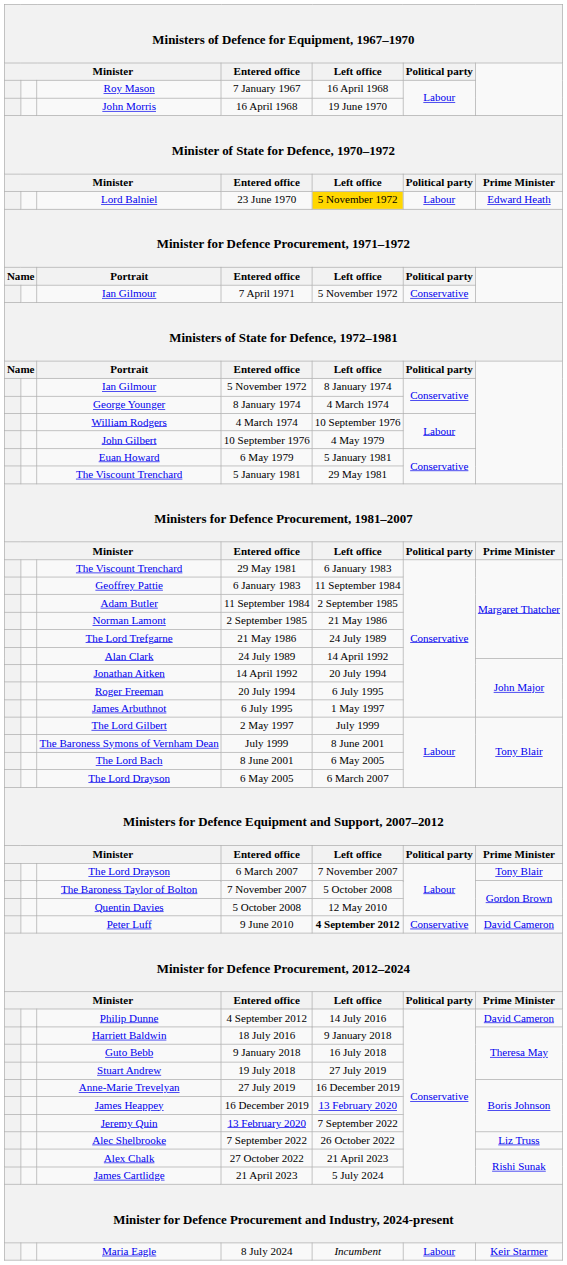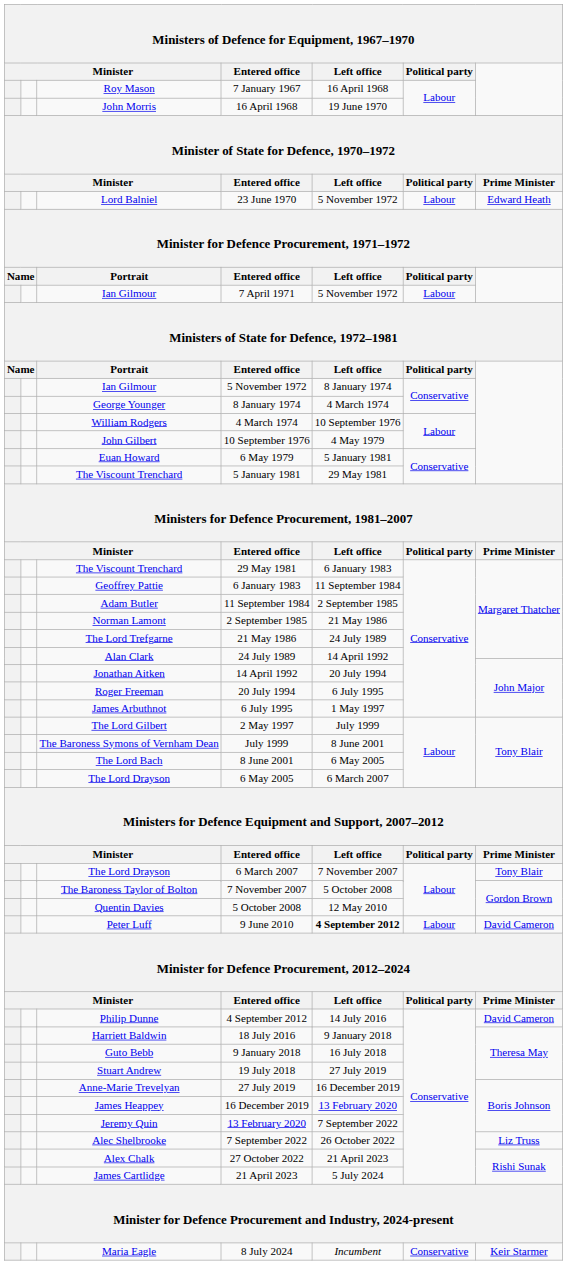 <table class="wikitable" style="text-align:center">
 <tr style="height:1em">
 <th colspan=99><br><h3>Ministers of Defence for Equipment, 1967–1970</h3></th>
 </tr>
 <tr>
 <th colspan=3>Minister</th>
 <th>Entered office</th>
 <th>Left office</th>
 <th>Political party</th>
 </tr>
 <tr style="height:1em">
 <th style="background-color:"></th>
 <td></td>
 <td><a href='#'>Roy Mason</a></td>
 <td>7 January 1967</td>
 <td>16 April 1968</td>
 <td rowspan=2><a href='#'>Labour</a></td>
 </tr>
 <tr style="height:1em">
 <th style="background-color:"></th>
 <td></td>
 <td><a href='#'>John Morris</a></td>
 <td>16 April 1968</td>
 <td>19 June 1970</td>
 </tr>
 <tr style="height:1em">
 <th colspan=99><br><h3>Minister of State for Defence, 1970–1972</h3></th>
 </tr>
 <tr style="height:1em">
 <th colspan=3>Minister</th>
 <th>Entered office</th>
 <th>Left office</th>
 <th>Political party</th>
 <th>Prime Minister</th>
 </tr>
 <tr style="height:1em">
 <th style="background-color:"></th>
 <td></td>
 <td><a href='#'>Lord Balniel</a></td>
 <td>23 June 1970</td>
-<td style="background: gold;">5 November 1972</td>
+<td>5 November 1972</td>
 <td><a href='#'>Labour</a></td>
 <td><a href='#'>Edward Heath</a></td>
 </tr>
 <tr style="height:1em">
 <th colspan=99><br><h3>Minister for Defence Procurement, 1971–1972</h3></th>
 </tr>
 <tr>
 <th colspan=2>Name</th>
 <th>Portrait</th>
 <th>Entered office</th>
 <th>Left office</th>
 <th>Political party</th>
 </tr>
 <tr style="height:1em">
 <th style="background-color:"></th>
 <td></td>
 <td><a href='#'>Ian Gilmour</a></td>
 <td>7 April 1971</td>
 <td>5 November 1972</td>
-<td><a href='#'>Conservative</a></td>
+<td><a href='#'>Labour</a></td>
 </tr>
 <tr style="height:1em">
 <th colspan=99><br><h3>Ministers of State for Defence, 1972–1981</h3></th>
 </tr>
 <tr style="height:1em">
 <th colspan=2>Name</th>
 <th>Portrait</th>
 <th>Entered office</th>
 <th>Left office</th>
 <th>Political party</th>
 </tr>
 <tr style="height:1em">
 <th style="background-color:"></th>
 <td></td>
 <td><a href='#'>Ian Gilmour</a></td>
 <td>5 November 1972</td>
 <td>8 January 1974</td>
 <td rowspan=2><a href='#'>Conservative</a></td>
 </tr>
 <tr style="height:1em">
 <th style="background-color:"></th>
 <td></td>
 <td><a href='#'>George Younger</a></td>
 <td>8 January 1974</td>
 <td>4 March 1974</td>
 </tr>
 <tr style="height:1em">
 <th style="background-color:"></th>
 <td></td>
 <td><a href='#'>William Rodgers</a></td>
 <td>4 March 1974</td>
 <td>10 September 1976</td>
 <td rowspan=2><a href='#'>Labour</a></td>
 </tr>
 <tr style="height:1em">
 <th style="background-color:"></th>
 <td></td>
 <td><a href='#'>John Gilbert</a></td>
 <td>10 September 1976</td>
 <td>4 May 1979</td>
 </tr>
 <tr style="height:1em">
 <th style="background-color:"></th>
 <td></td>
 <td><a href='#'>Euan Howard</a></td>
 <td>6 May 1979</td>
 <td>5 January 1981</td>
 <td rowspan=2><a href='#'>Conservative</a></td>
 </tr>
 <tr style="height:1em">
 <th style="background-color:"></th>
 <td></td>
 <td><a href='#'>The Viscount Trenchard</a></td>
 <td>5 January 1981</td>
 <td>29 May 1981</td>
 </tr>
 <tr style="height:1em">
 <th colspan=99><br><h3>Ministers for Defence Procurement, 1981–2007</h3></th>
 </tr>
 <tr style="height:1em">
 <th colspan=3>Minister</th>
 <th>Entered office</th>
 <th>Left office</th>
 <th>Political party</th>
 <th>Prime Minister</th>
 </tr>
 <tr style="height:1em">
 <th style="background-color:"></th>
 <td></td>
 <td><a href='#'>The Viscount Trenchard</a></td>
 <td>29 May 1981</td>
 <td>6 January 1983</td>
 <td rowspan=10><a href='#'>Conservative</a></td>
 <td rowspan=6><a href='#'>Margaret Thatcher</a></td>
 </tr>
 <tr style="height:1em">
 <th style="background-color:"></th>
 <td></td>
 <td><a href='#'>Geoffrey Pattie</a></td>
 <td>6 January 1983</td>
 <td>11 September 1984</td>
 </tr>
 <tr style="height:1em">
 <th style="background-color:"></th>
 <td></td>
 <td><a href='#'>Adam Butler</a></td>
 <td>11 September 1984</td>
 <td>2 September 1985</td>
 </tr>
 <tr style="height:1em">
 <th style="background-color:"></th>
 <td></td>
 <td><a href='#'>Norman Lamont</a></td>
 <td>2 September 1985</td>
 <td>21 May 1986</td>
 </tr>
 <tr style="height:1em">
 <th style="background-color:"></th>
 <td></td>
 <td><a href='#'>The Lord Trefgarne</a></td>
 <td>21 May 1986</td>
 <td>24 July 1989</td>
 </tr>
 <tr style="height:1em">
 <th rowspan=2 style="background-color:"></th>
 <td rowspan=2></td>
 <td rowspan=2><a href='#'>Alan Clark</a></td>
 <td rowspan=2>24 July 1989</td>
 <td rowspan=2>14 April 1992</td>
 </tr>
 <tr>
 <td rowspan=4><a href='#'>John Major</a></td>
 </tr>
 <tr style="height:1em">
 <th style="background-color:"></th>
 <td></td>
 <td><a href='#'>Jonathan Aitken</a></td>
 <td>14 April 1992</td>
 <td>20 July 1994</td>
 </tr>
 <tr style="height:1em">
 <th style="background-color:"></th>
 <td></td>
 <td><a href='#'>Roger Freeman</a></td>
 <td>20 July 1994</td>
 <td>6 July 1995</td>
 </tr>
 <tr style="height:1em">
 <th style="background-color:"></th>
 <td></td>
 <td><a href='#'>James Arbuthnot</a></td>
 <td>6 July 1995</td>
 <td>1 May 1997</td>
 </tr>
 <tr style="height:1em">
 <th style="background-color:"></th>
 <td></td>
 <td><a href='#'>The Lord Gilbert</a></td>
 <td>2 May 1997</td>
 <td>July 1999</td>
 <td rowspan=4><a href='#'>Labour</a></td>
 <td rowspan=4><a href='#'>Tony Blair</a></td>
 </tr>
 <tr style="height:1em">
 <th style="background-color:"></th>
 <td></td>
 <td><a href='#'>The Baroness Symons of Vernham Dean</a></td>
 <td>July 1999</td>
 <td>8 June 2001</td>
 </tr>
 <tr style="height:1em">
 <th style="background-color:"></th>
 <td></td>
 <td><a href='#'>The Lord Bach</a></td>
 <td>8 June 2001</td>
 <td>6 May 2005</td>
 </tr>
 <tr style="height:1em">
 <th style="background-color:"></th>
 <td></td>
 <td><a href='#'>The Lord Drayson</a></td>
 <td>6 May 2005</td>
 <td>6 March 2007</td>
 </tr>
 <tr style="height:1em">
 <th colspan=99><br><h3>Ministers for Defence Equipment and Support, 2007–2012</h3></th>
 </tr>
 <tr style="height:1em">
 <th colspan=3>Minister</th>
 <th>Entered office</th>
 <th>Left office</th>
 <th>Political party</th>
 <th>Prime Minister</th>
 </tr>
 <tr style="height:1em">
 <th rowspan=2 style="background-color:"></th>
 <td rowspan=2></td>
 <td rowspan=2><a href='#'>The Lord Drayson</a></td>
 <td rowspan=2>6 March 2007</td>
 <td rowspan=2>7 November 2007</td>
 <td rowspan=4><a href='#'>Labour</a></td>
 <td><a href='#'>Tony Blair</a></td>
 </tr>
 <tr>
 <td rowspan=3><a href='#'>Gordon Brown</a></td>
 </tr>
 <tr style="height:1em">
 <th style="background-color:"></th>
 <td></td>
 <td><a href='#'>The Baroness Taylor of Bolton</a></td>
 <td>7 November 2007</td>
 <td>5 October 2008</td>
 </tr>
 <tr style="height:1em">
 <th style="background-color:"></th>
 <td></td>
 <td><a href='#'>Quentin Davies</a></td>
 <td>5 October 2008</td>
 <td>12 May 2010</td>
 </tr>
 <tr style="height:1em">
 <th style="background-color:"></th>
 <td></td>
 <td><a href='#'>Peter Luff</a></td>
 <td>9 June 2010</td>
 <td><strong>4 September 2012</strong></td>
-<td><a href='#'>Conservative</a></td>
+<td><a href='#'>Labour</a></td>
 <td><a href='#'>David Cameron</a></td>
 </tr>
 <tr style="height:1em">
 <th colspan=99><br><h3>Minister for Defence Procurement, 2012–2024</h3></th>
 </tr>
 <tr>
 <th colspan=3>Minister</th>
 <th>Entered office</th>
 <th>Left office</th>
 <th>Political party</th>
 <th>Prime Minister</th>
 </tr>
 <tr style="height:1em">
 <th rowspan=2 style="background-color:"></th>
 <td></td>
 <td><a href='#'>Philip Dunne</a></td>
 <td>4 September 2012</td>
 <td>14 July 2016</td>
 <td rowspan=11><a href='#'>Conservative</a></td>
 <td rowspan=2><a href='#'>David Cameron</a></td>
 </tr>
 <tr>
 <td rowspan=2></td>
 <td rowspan=2><a href='#'>Harriett Baldwin</a></td>
 <td rowspan=2>18 July 2016</td>
 <td rowspan=2>9 January 2018</td>
 </tr>
 <tr style="height:1em">
 <th style="background-color:"></th>
 <td rowspan=3><a href='#'>Theresa May</a></td>
 </tr>
 <tr style="height:1em">
 <th style="background-color:"></th>
 <td></td>
 <td><a href='#'>Guto Bebb</a></td>
 <td>9 January 2018</td>
 <td>16 July 2018</td>
 </tr>
 <tr style="height:1em">
 <th style="background-color:"></th>
 <td></td>
 <td><a href='#'>Stuart Andrew</a></td>
 <td>19 July 2018</td>
 <td>27 July 2019</td>
 </tr>
 <tr style="height:1em">
 <th style="background-color:"></th>
 <td></td>
 <td><a href='#'>Anne-Marie Trevelyan</a></td>
 <td>27 July 2019 </td>
 <td>16 December 2019</td>
 <td rowspan=3><a href='#'>Boris Johnson</a></td>
 </tr>
 <tr style="height:1em">
 <th style="background-color:"></th>
 <td></td>
 <td><a href='#'>James Heappey</a></td>
 <td>16 December 2019</td>
 <td><a href='#'>13 February 2020</a></td>
 </tr>
 <tr style="height:1em">
 <th style="background-color:"></th>
 <td></td>
 <td><a href='#'>Jeremy Quin</a></td>
 <td><a href='#'>13 February 2020</a></td>
 <td>7 September 2022</td>
 </tr>
 <tr style="height:1em">
 <th style="background-color:"></th>
 <td></td>
 <td><a href='#'>Alec Shelbrooke</a></td>
 <td>7 September 2022</td>
 <td>26 October 2022</td>
 <td><a href='#'>Liz Truss</a></td>
 </tr>
 <tr style="height:1em">
 <th style="background-color:"></th>
 <td></td>
 <td><a href='#'>Alex Chalk</a></td>
 <td>27 October 2022</td>
 <td>21 April 2023</td>
 <td rowspan=2><a href='#'>Rishi Sunak</a></td>
 </tr>
 <tr style="height:1em">
 <th style="background-color:"></th>
 <td></td>
 <td><a href='#'>James Cartlidge</a></td>
 <td>21 April 2023</td>
 <td>5 July 2024</td>
 </tr>
 <tr style="height:1em">
 <th colspan=99><br><h3>Minister for Defence Procurement and Industry, 2024-present</h3></th>
 </tr>
 <tr>
 <th style="background-color:"></th>
 <td></td>
 <td><a href='#'>Maria Eagle</a></td>
 <td>8 July 2024</td>
 <td><em>Incumbent</em></td>
-<td><a href='#'>Labour</a></td>
+<td><a href='#'>Conservative</a></td>
 <td><a href='#'>Keir Starmer</a></td>
 </tr>
 </table>
